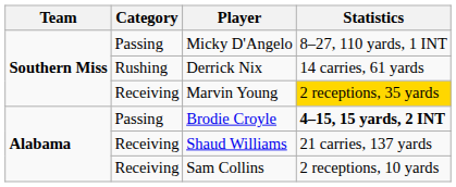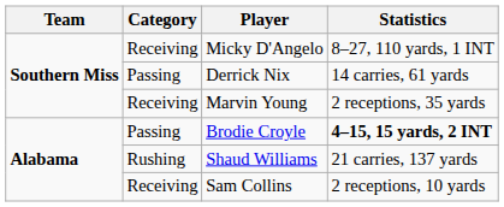 <table class="wikitable" style="float: right;">
 <tr>
 <th>Team</th>
 <th>Category</th>
 <th>Player</th>
 <th>Statistics</th>
 </tr>
 <tr>
 <td rowspan=3><strong>Southern Miss</strong></td>
-<td>Passing</td>
+<td>Receiving</td>
 <td>Micky D'Angelo</td>
 <td>8–27, 110 yards, 1 INT</td>
 </tr>
 <tr>
-<td>Rushing</td>
+<td>Passing</td>
 <td>Derrick Nix</td>
 <td>14 carries, 61 yards</td>
 </tr>
 <tr>
 <td>Receiving</td>
 <td>Marvin Young</td>
-<td style="background: gold;">2 receptions, 35 yards</td>
+<td>2 receptions, 35 yards</td>
 </tr>
 <tr>
 <td rowspan=3><strong>Alabama</strong></td>
 <td>Passing</td>
 <td><a href='#'>Brodie Croyle</a></td>
 <td><strong>4–15, 15 yards, 2 INT</strong></td>
 </tr>
 <tr>
-<td>Receiving</td>
+<td>Rushing</td>
 <td><a href='#'>Shaud Williams</a></td>
 <td>21 carries, 137 yards</td>
 </tr>
 <tr>
 <td>Receiving</td>
 <td>Sam Collins</td>
 <td>2 receptions, 10 yards</td>
 </tr>
 </table>
